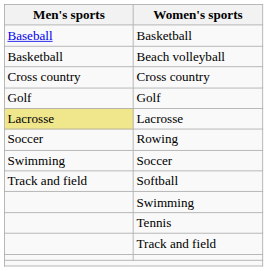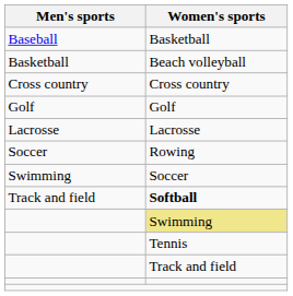 <table class="wikitable" style= " ">
 <tr>
 <th width=150px>Men's sports</th>
 <th width=150px>Women's sports</th>
 </tr>
 <tr>
 <td><a href='#'>Baseball</a></td>
 <td>Basketball</td>
 </tr>
 <tr>
 <td>Basketball</td>
 <td>Beach volleyball</td>
 </tr>
 <tr>
 <td>Cross country</td>
 <td>Cross country</td>
 </tr>
 <tr>
 <td>Golf</td>
 <td>Golf</td>
 </tr>
 <tr>
-<td style="background: khaki;">Lacrosse</td>
+<td>Lacrosse</td>
 <td>Lacrosse</td>
 </tr>
 <tr>
 <td>Soccer</td>
 <td>Rowing</td>
 </tr>
 <tr>
 <td>Swimming</td>
 <td>Soccer</td>
 </tr>
 <tr>
 <td>Track and field</td>
-<td>Softball</td>
+<td><strong>Softball</strong></td>
 </tr>
 <tr>
 <td></td>
-<td>Swimming</td>
+<td style="background: khaki;">Swimming</td>
 </tr>
 <tr>
 <td></td>
 <td>Tennis</td>
 </tr>
 <tr>
 <td></td>
 <td>Track and field</td>
 </tr>
 <tr>
 <td></td>
 <td Volleyball></td>
 </tr>
 <tr>
 <td colspan=2></td>
 </tr>
 </table>
